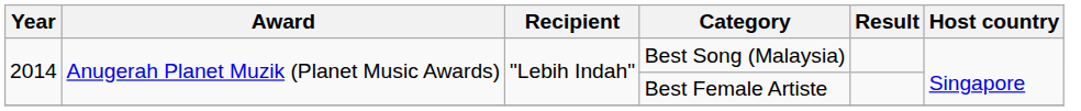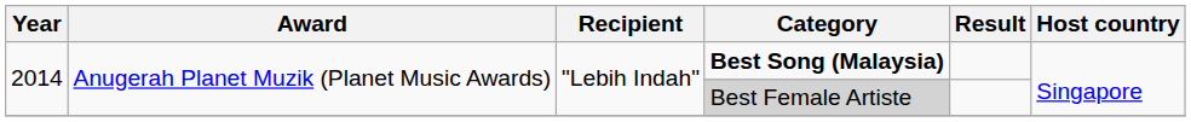 <table class="wikitable">
 <tr>
 <th>Year</th>
 <th>Award</th>
 <th>Recipient</th>
 <th>Category</th>
 <th>Result</th>
 <th>Host country</th>
 </tr>
 <tr>
 <td rowspan="2">2014</td>
 <td rowspan="2"><a href='#'>Anugerah Planet Muzik</a> (Planet Music Awards)</td>
 <td rowspan="2">"Lebih Indah"</td>
-<td rowspan="1">Best Song (Malaysia)</td>
+<td rowspan="1"><strong>Best Song (Malaysia)</strong></td>
 <td></td>
 <td rowspan="2"> <br> <a href='#'>Singapore</a></td>
 </tr>
 <tr>
-<td rowspan="1">Best Female Artiste</td>
+<td rowspan="1" style="background: lightgrey;">Best Female Artiste</td>
 <td></td>
 </tr>
 <tr>
 </tr>
 </table>
